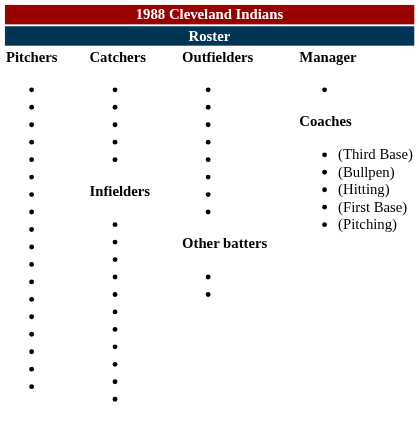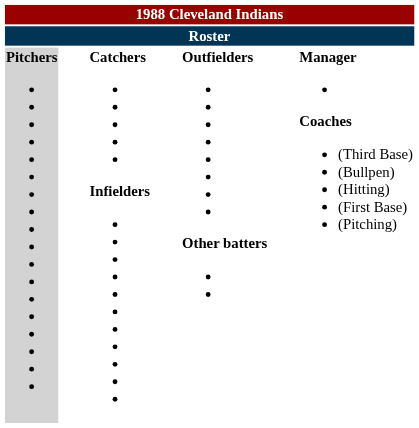 <table class="toccolours" style="font-size: 95%;">
 <tr>
 <th colspan="10" style="background:#900; color:white; text-align:center;">1988 Cleveland Indians</th>
 </tr>
 <tr>
 <td colspan="10" style="background:#023456; color:#fff; text-align:center;"><strong>Roster</strong></td>
 </tr>
 <tr>
-<td valign="top"><strong>Pitchers</strong><br><ul><li></li><li></li><li></li><li></li><li></li><li></li><li></li><li></li><li></li><li></li><li></li><li></li><li></li><li></li><li></li><li></li><li></li><li></li></ul></td>
+<td valign="top" style="background: lightgrey;"><strong>Pitchers</strong><br><ul><li></li><li></li><li></li><li></li><li></li><li></li><li></li><li></li><li></li><li></li><li></li><li></li><li></li><li></li><li></li><li></li><li></li><li></li></ul></td>
 <td style="width:25px;"></td>
 <td valign="top"><strong>Catchers</strong><br><ul><li></li><li></li><li></li><li></li><li></li></ul><strong>Infielders</strong><ul><li></li><li></li><li></li><li></li><li></li><li></li><li></li><li></li><li></li><li></li><li></li></ul></td>
 <td style="width:25px;"></td>
 <td valign="top"><strong>Outfielders</strong><br><ul><li></li><li></li><li></li><li></li><li></li><li></li><li></li><li></li></ul><strong>Other batters</strong><ul><li></li><li></li></ul></td>
 <td style="width:25px;"></td>
 <td valign="top"><strong>Manager</strong><br><ul><li></li></ul><strong>Coaches</strong><ul><li> (Third Base)</li><li> (Bullpen)</li><li> (Hitting)</li><li> (First Base)</li><li> (Pitching)</li></ul></td>
 </tr>
 </table>
